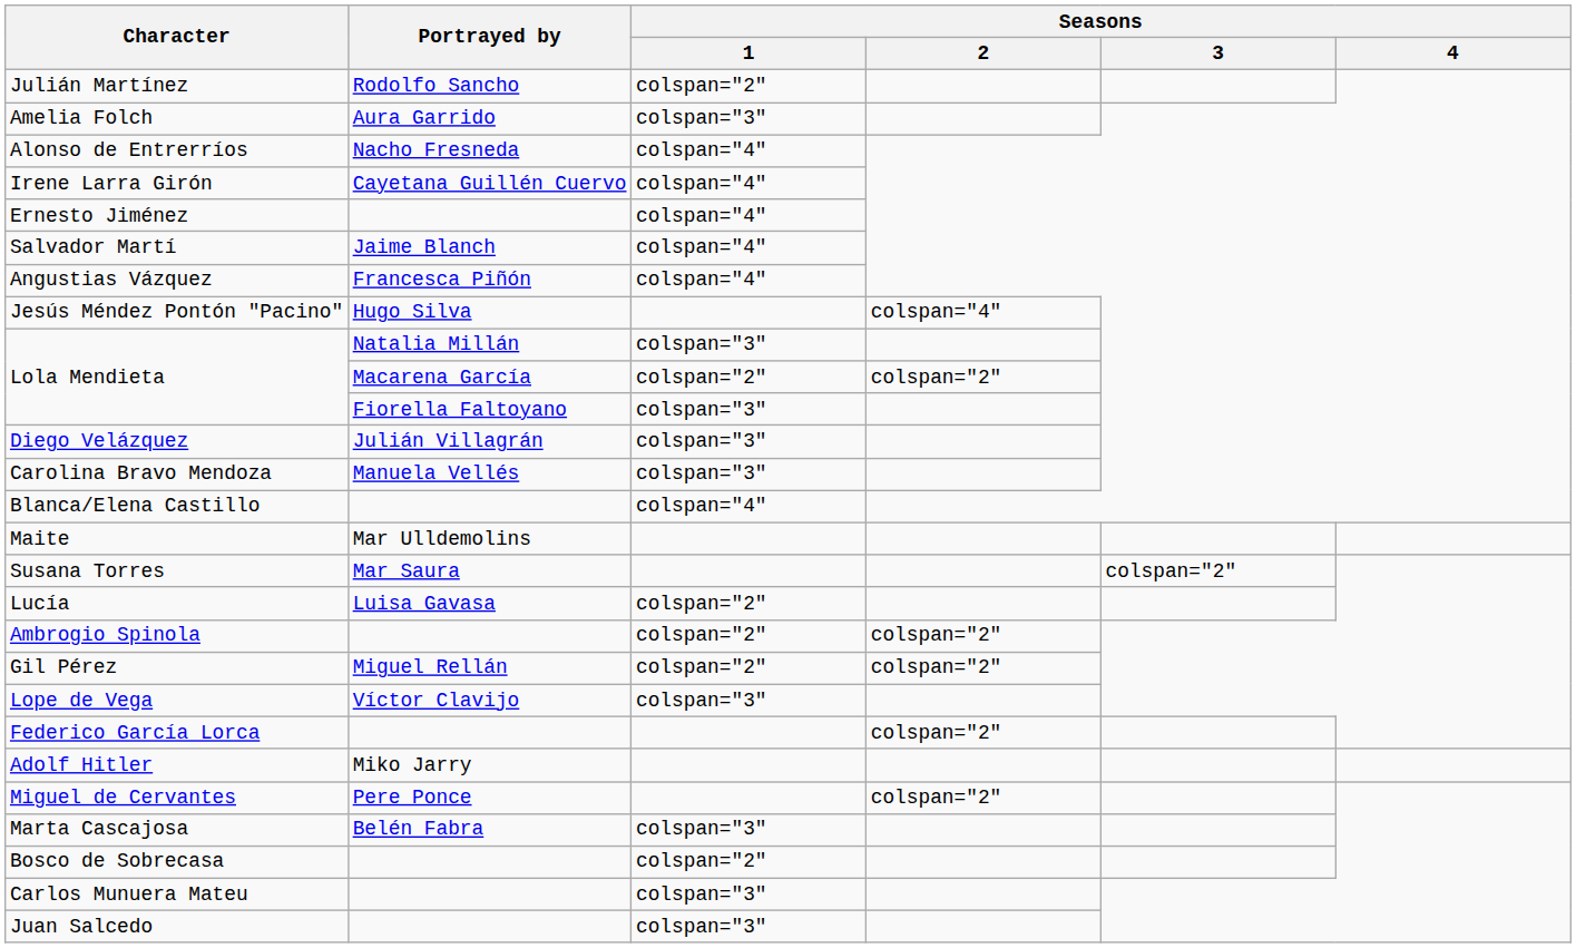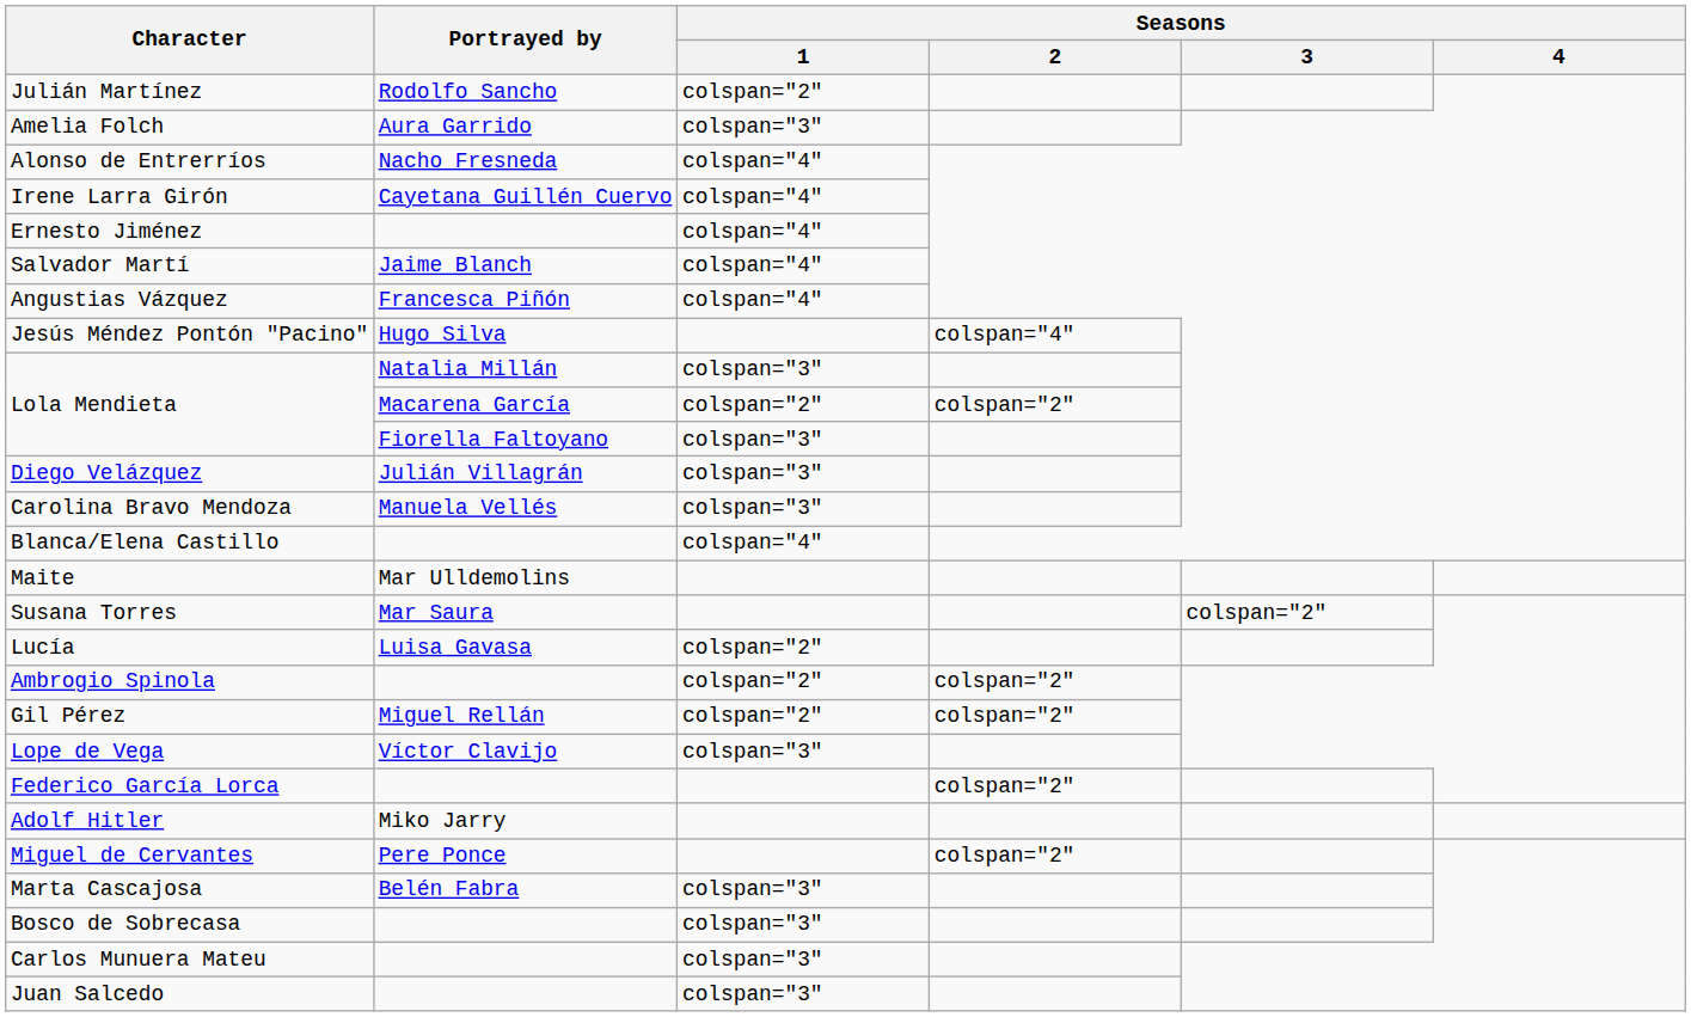 <table class="wikitable">
 <tr>
 <th rowspan="2">Character</th>
 <th rowspan="2">Portrayed by</th>
 <th colspan="23">Seasons</th>
 </tr>
 <tr>
 <th style="width:15%">1</th>
 <th style="width:15%">2</th>
 <th style="width:15%">3</th>
 <th style="width:15%">4</th>
 </tr>
 <tr>
 <td>Julián Martínez</td>
 <td><a href='#'>Rodolfo Sancho</a></td>
 <td>colspan="2" </td>
 <td></td>
 <td></td>
 </tr>
 <tr>
 <td>Amelia Folch</td>
 <td><a href='#'>Aura Garrido</a></td>
 <td>colspan="3" </td>
 <td></td>
 </tr>
 <tr>
 <td>Alonso de Entrerríos</td>
 <td><a href='#'>Nacho Fresneda</a></td>
 <td>colspan="4" </td>
 </tr>
 <tr>
 <td>Irene Larra Girón</td>
 <td><a href='#'>Cayetana Guillén Cuervo</a></td>
 <td>colspan="4" </td>
 </tr>
 <tr>
 <td>Ernesto Jiménez</td>
 <td></td>
 <td>colspan="4" </td>
 </tr>
 <tr>
 <td>Salvador Martí</td>
 <td><a href='#'>Jaime Blanch</a></td>
 <td>colspan="4" </td>
 </tr>
 <tr>
 <td>Angustias Vázquez</td>
 <td><a href='#'>Francesca Piñón</a></td>
 <td>colspan="4" </td>
 </tr>
 <tr>
 <td>Jesús Méndez Pontón "Pacino"</td>
 <td><a href='#'>Hugo Silva</a></td>
 <td></td>
 <td>colspan="4" </td>
 </tr>
 <tr>
 <td rowspan="3">Lola Mendieta</td>
 <td><a href='#'>Natalia Millán</a></td>
 <td>colspan="3" </td>
 <td></td>
 </tr>
 <tr>
 <td><a href='#'>Macarena García</a></td>
 <td>colspan="2" </td>
 <td>colspan="2" </td>
 </tr>
 <tr>
 <td><a href='#'>Fiorella Faltoyano</a></td>
 <td>colspan="3" </td>
 <td></td>
 </tr>
 <tr>
 <td><a href='#'>Diego Velázquez</a></td>
 <td><a href='#'>Julián Villagrán</a></td>
 <td>colspan="3" </td>
 <td></td>
 </tr>
 <tr>
 <td>Carolina Bravo Mendoza</td>
 <td><a href='#'>Manuela Vellés</a></td>
 <td>colspan="3" </td>
 <td></td>
 </tr>
 <tr>
 <td>Blanca/Elena Castillo</td>
 <td></td>
 <td>colspan="4" </td>
 </tr>
 <tr>
 <td>Maite</td>
 <td>Mar Ulldemolins</td>
 <td></td>
 <td></td>
 <td></td>
 <td></td>
 </tr>
 <tr>
 <td>Susana Torres</td>
 <td><a href='#'>Mar Saura</a></td>
 <td></td>
 <td></td>
 <td>colspan="2" </td>
 </tr>
 <tr>
 <td>Lucía</td>
 <td><a href='#'>Luisa Gavasa</a></td>
 <td>colspan="2" </td>
 <td></td>
 <td></td>
 </tr>
 <tr>
 <td><a href='#'>Ambrogio Spinola</a></td>
 <td></td>
 <td>colspan="2" </td>
 <td>colspan="2" </td>
 </tr>
 <tr>
 <td>Gil Pérez</td>
 <td><a href='#'>Miguel Rellán</a></td>
 <td>colspan="2" </td>
 <td>colspan="2" </td>
 </tr>
 <tr>
 <td><a href='#'>Lope de Vega</a></td>
 <td><a href='#'>Víctor Clavijo</a></td>
 <td>colspan="3" </td>
 <td></td>
 </tr>
 <tr>
 <td><a href='#'>Federico García Lorca</a></td>
 <td></td>
 <td></td>
 <td>colspan="2" </td>
 <td></td>
 </tr>
 <tr>
 <td><a href='#'>Adolf Hitler</a></td>
 <td>Miko Jarry</td>
 <td></td>
 <td></td>
 <td></td>
 <td></td>
 </tr>
 <tr>
 <td><a href='#'>Miguel de Cervantes</a></td>
 <td><a href='#'>Pere Ponce</a></td>
 <td></td>
 <td>colspan="2" </td>
 <td></td>
 </tr>
 <tr>
 <td>Marta Cascajosa</td>
 <td><a href='#'>Belén Fabra</a></td>
 <td>colspan="3" </td>
 <td></td>
 <td></td>
 </tr>
 <tr>
 <td>Bosco de Sobrecasa</td>
 <td></td>
-<td>colspan="2" </td>
+<td>colspan="3" </td>
 <td></td>
 <td></td>
 </tr>
 <tr>
 <td>Carlos Munuera Mateu</td>
 <td></td>
 <td>colspan="3" </td>
 <td></td>
 </tr>
 <tr>
 <td>Juan Salcedo</td>
 <td></td>
 <td>colspan="3" </td>
 <td></td>
 </tr>
 </table>
